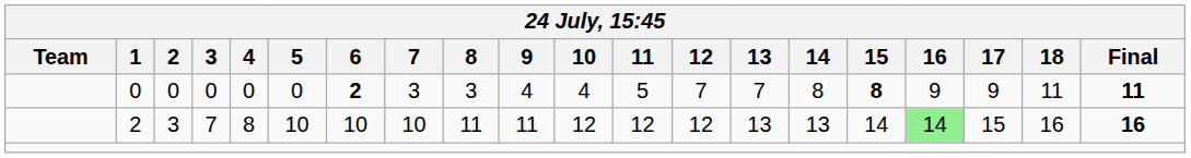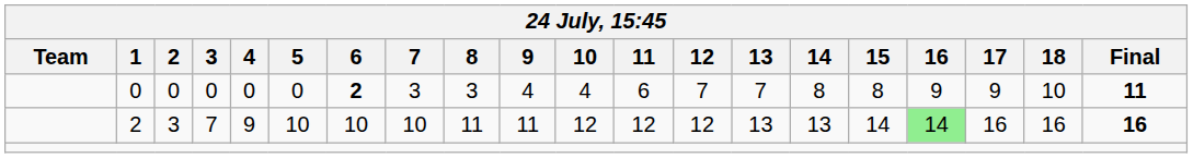 <table class=wikitable style="text-align:center; width: 55%">
 <tr>
 <th colspan=20><em>24 July, 15:45</em></th>
 </tr>
 <tr>
 <th>Team</th>
 <th>1</th>
 <th>2</th>
 <th>3</th>
 <th>4</th>
 <th>5</th>
 <th>6</th>
 <th>7</th>
 <th>8</th>
 <th>9</th>
 <th>10</th>
 <th>11</th>
 <th>12</th>
 <th>13</th>
 <th>14</th>
 <th>15</th>
 <th>16</th>
 <th>17</th>
 <th>18</th>
 <th>Final</th>
 </tr>
 <tr>
 <td align=left></td>
 <td>0</td>
 <td>0</td>
 <td>0</td>
 <td>0</td>
 <td>0</td>
 <td><strong>2</strong></td>
 <td>3</td>
 <td>3</td>
 <td>4</td>
 <td>4</td>
-<td>5</td>
+<td>6</td>
 <td>7</td>
 <td>7</td>
 <td>8</td>
-<td><strong>8</strong></td>
+<td>8</td>
 <td>9</td>
 <td>9</td>
-<td>11</td>
+<td>10</td>
 <td><strong>11</strong></td>
 </tr>
 <tr>
 <td align=left><strong></strong></td>
 <td>2</td>
 <td>3</td>
 <td>7</td>
-<td>8</td>
+<td>9</td>
 <td>10</td>
 <td>10</td>
 <td>10</td>
 <td>11</td>
 <td>11</td>
 <td>12</td>
 <td>12</td>
 <td>12</td>
 <td>13</td>
 <td>13</td>
 <td>14</td>
 <td style="background: lightgreen;">14</td>
-<td>15</td>
+<td>16</td>
 <td>16</td>
 <td><strong>16</strong></td>
 </tr>
 <tr>
 <td colspan=20></td>
 </tr>
 </table>
